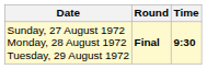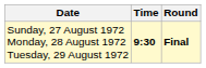 <table class="wikitable">
 <tr>
 <th>Date</th>
+<th>Time</th>
 <th>Round</th>
-<th>Time</th>
 </tr>
 <tr style=background:lemonchiffon>
 <td>Sunday, 27 August 1972<br>Monday, 28 August 1972<br>Tuesday, 29 August 1972</td>
+<td><strong>9:30</strong></td>
 <td><strong>Final</strong></td>
-<td><strong>9:30</strong></td>
 </tr>
 </table>
